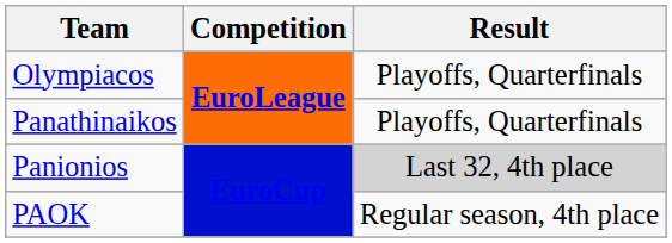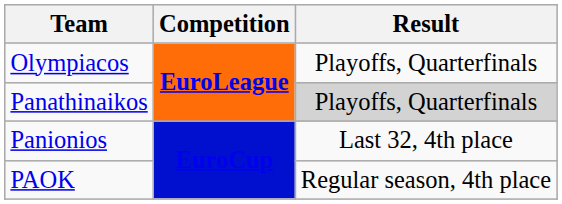 <table class="wikitable sortable">
 <tr>
 <th>Team</th>
 <th>Competition</th>
 <th>Result</th>
 </tr>
 <tr>
 <td><a href='#'>Olympiacos</a></td>
 <td rowspan="2" style="background:#ff6d09;color:#ffffff;text-align:center"><strong><a href='#'><span>EuroLeague</span></a></strong></td>
 <td style="text-align:center">Playoffs, Quarterfinals</td>
 </tr>
 <tr>
 <td><a href='#'>Panathinaikos</a></td>
-<td style="text-align:center">Playoffs, Quarterfinals</td>
+<td style="background: lightgrey; text-align:center">Playoffs, Quarterfinals</td>
 </tr>
 <tr>
 <td><a href='#'>Panionios</a></td>
 <td rowspan="2" style="background-color:#0010CE;color:white;text-align:center"><strong><a href='#'><span>EuroCup</span></a></strong></td>
-<td style="background: lightgrey; text-align:center">Last 32, 4th place</td>
+<td style="text-align:center">Last 32, 4th place</td>
 </tr>
 <tr>
 <td><a href='#'>PAOK</a></td>
 <td style="text-align:center">Regular season, 4th place</td>
 </tr>
 </table>
